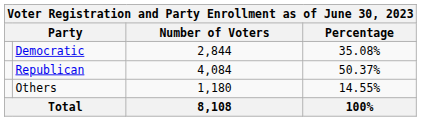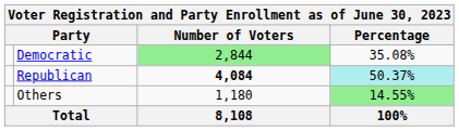 <table class=wikitable>
 <tr>
 <th colspan = 6>Voter Registration and Party Enrollment as of June 30, 2023</th>
 </tr>
 <tr>
 <th colspan = 2>Party</th>
 <th>Number of Voters</th>
 <th>Percentage</th>
 </tr>
 <tr>
 <td></td>
 <td><a href='#'>Democratic</a></td>
-<td align = center>2,844</td>
+<td align = center style="background: lightgreen;">2,844</td>
 <td align = center>35.08%</td>
 </tr>
 <tr>
 <td></td>
 <td><a href='#'>Republican</a></td>
-<td align = center>4,084</td>
-<td align = center>50.37%</td>
+<td align = center><strong>4,084</strong></td>
+<td align = center style="background: paleturquoise;">50.37%</td>
 </tr>
 <tr>
 <td></td>
 <td>Others</td>
 <td align = center>1,180</td>
-<td align = center>14.55%</td>
+<td align = center style="background: lightgreen;">14.55%</td>
 </tr>
 <tr>
 <th colspan = 2>Total</th>
 <th align = center>8,108</th>
 <th align = center>100%</th>
 </tr>
 </table>
